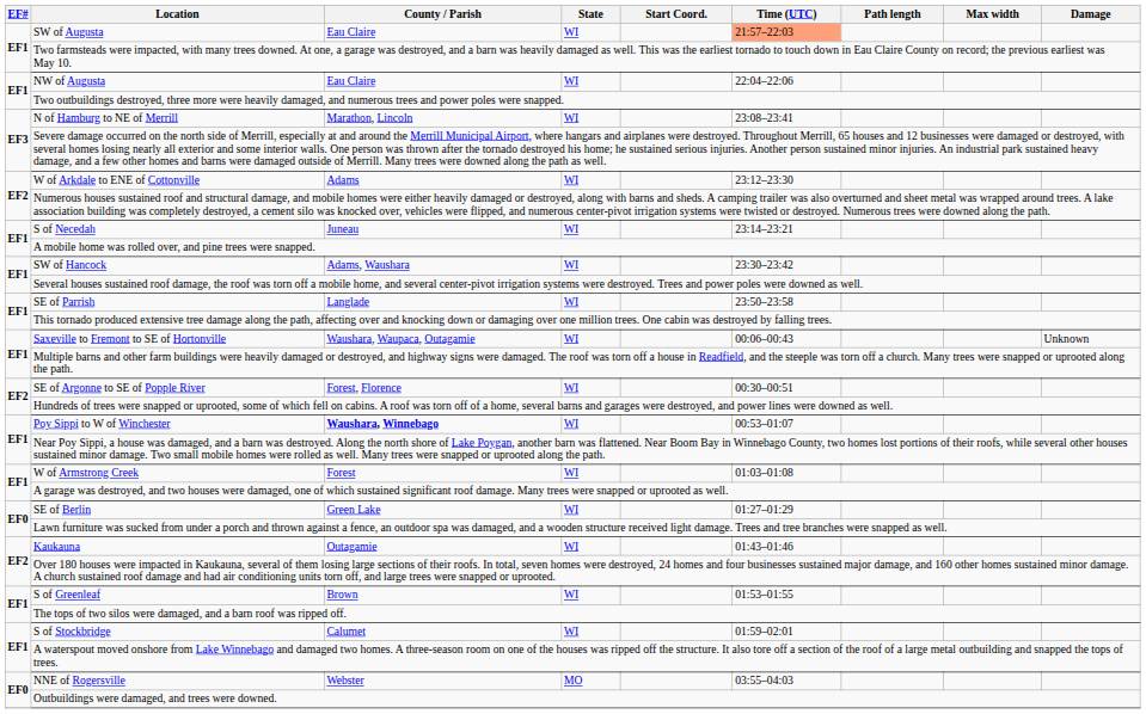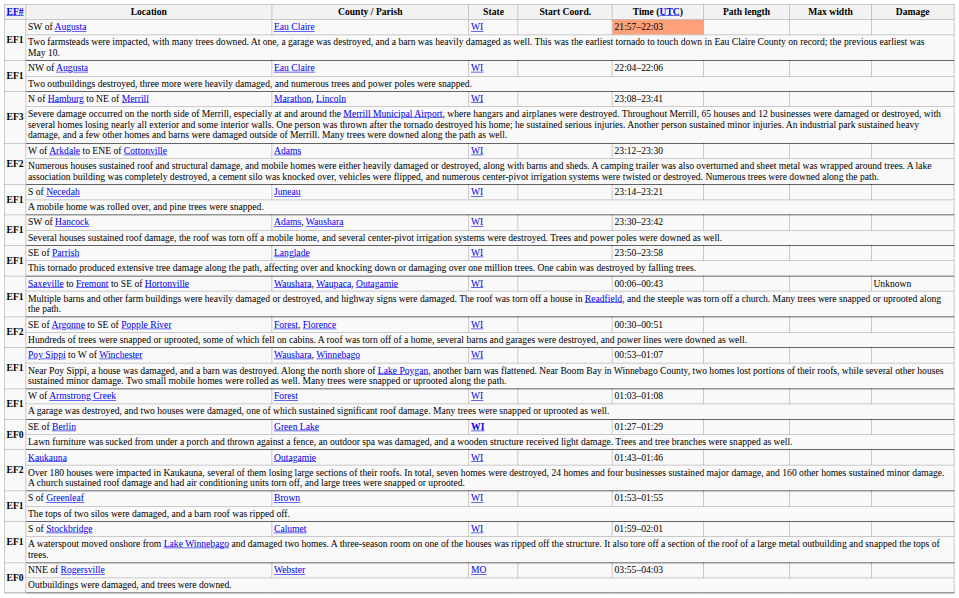 <table class="wikitable sortable" style="width:100%;">
 <tr>
 <th scope="col" width="2%" align="center"><a href='#'>EF#</a></th>
 <th scope="col" align="center" class="unsortable">Location</th>
 <th scope="col" align="center" class="unsortable">County / Parish</th>
 <th scope="col" align="center">State</th>
 <th scope="col" align="center" data-sort-type="number">Start Coord.</th>
 <th scope="col" align="center" data-sort-type="number">Time (<a href='#'>UTC</a>)</th>
 <th scope="col" align="center" data-sort-type="number">Path length</th>
 <th scope="col" align="center" data-sort-type="number">Max width</th>
 <th scope="col" align="center" data-sort-type="number">Damage<br></th>
 </tr>
 <tr>
 <td rowspan="2" align="center"><strong>EF1</strong></td>
 <td>SW of <a href='#'>Augusta</a></td>
 <td><a href='#'>Eau Claire</a></td>
 <td><a href='#'>WI</a></td>
 <td></td>
 <td style="background: lightsalmon;">21:57–22:03</td>
 <td></td>
 <td></td>
 <td></td>
 </tr>
 <tr class="expand-child">
 <td colspan="8" style=" border-bottom: 1px solid black;">Two farmsteads were impacted, with many trees downed. At one, a garage was destroyed, and a barn was heavily damaged as well. This was the earliest tornado to touch down in Eau Claire County on record; the previous earliest was May 10.</td>
 </tr>
 <tr>
 <td rowspan="2" align="center"><strong>EF1</strong></td>
 <td>NW of <a href='#'>Augusta</a></td>
 <td><a href='#'>Eau Claire</a></td>
 <td><a href='#'>WI</a></td>
 <td></td>
 <td>22:04–22:06</td>
 <td></td>
 <td></td>
 <td></td>
 </tr>
 <tr class="expand-child">
 <td colspan="8" style=" border-bottom: 1px solid black;">Two outbuildings destroyed, three more were heavily damaged, and numerous trees and power poles were snapped.</td>
 </tr>
 <tr>
 <td rowspan="2" align="center"><strong>EF3</strong></td>
 <td>N of <a href='#'>Hamburg</a> to NE of <a href='#'>Merrill</a></td>
 <td><a href='#'>Marathon</a>, <a href='#'>Lincoln</a></td>
 <td><a href='#'>WI</a></td>
 <td></td>
 <td>23:08–23:41</td>
 <td></td>
 <td></td>
 <td></td>
 </tr>
 <tr class="expand-child">
 <td colspan="8" style=" border-bottom: 1px solid black;">Severe damage occurred on the north side of Merrill, especially at and around the <a href='#'>Merrill Municipal Airport</a>, where hangars and airplanes were destroyed. Throughout Merrill, 65 houses and 12 businesses were damaged or destroyed, with several homes losing nearly all exterior and some interior walls. One person was thrown  after the tornado destroyed his home; he sustained serious injuries. Another person sustained minor injuries. An industrial park sustained heavy damage, and a few other homes and barns were damaged outside of Merrill. Many trees were downed along the path as well.</td>
 </tr>
 <tr>
 <td rowspan="2" align="center"><strong>EF2</strong></td>
 <td>W of <a href='#'>Arkdale</a> to ENE of <a href='#'>Cottonville</a></td>
 <td><a href='#'>Adams</a></td>
 <td><a href='#'>WI</a></td>
 <td></td>
 <td>23:12–23:30</td>
 <td></td>
 <td></td>
 <td></td>
 </tr>
 <tr class="expand-child">
 <td colspan="8" style=" border-bottom: 1px solid black;">Numerous houses sustained roof and structural damage, and mobile homes were either heavily damaged or destroyed, along with barns and sheds. A camping trailer was also overturned and sheet metal was wrapped around trees. A lake association building was completely destroyed, a cement silo was knocked over, vehicles were flipped, and numerous center-pivot irrigation systems were twisted or destroyed. Numerous trees were downed along the path.</td>
 </tr>
 <tr>
 <td rowspan="2" align="center"><strong>EF1</strong></td>
 <td>S of <a href='#'>Necedah</a></td>
 <td><a href='#'>Juneau</a></td>
 <td><a href='#'>WI</a></td>
 <td></td>
 <td>23:14–23:21</td>
 <td></td>
 <td></td>
 <td></td>
 </tr>
 <tr class="expand-child">
 <td colspan="8" style=" border-bottom: 1px solid black;">A mobile home was rolled over, and pine trees were snapped.</td>
 </tr>
 <tr>
 <td rowspan="2" align="center"><strong>EF1</strong></td>
 <td>SW of <a href='#'>Hancock</a></td>
 <td><a href='#'>Adams</a>, <a href='#'>Waushara</a></td>
 <td><a href='#'>WI</a></td>
 <td></td>
 <td>23:30–23:42</td>
 <td></td>
 <td></td>
 <td></td>
 </tr>
 <tr class="expand-child">
 <td colspan="8" style=" border-bottom: 1px solid black;">Several houses sustained roof damage, the roof was torn off a mobile home, and several center-pivot irrigation systems were destroyed. Trees and power poles were downed as well.</td>
 </tr>
 <tr>
 <td rowspan="2" align="center"><strong>EF1</strong></td>
 <td>SE of <a href='#'>Parrish</a></td>
 <td><a href='#'>Langlade</a></td>
 <td><a href='#'>WI</a></td>
 <td></td>
 <td>23:50–23:58</td>
 <td></td>
 <td></td>
 <td></td>
 </tr>
 <tr class="expand-child">
 <td colspan="8" style=" border-bottom: 1px solid black;">This tornado produced extensive tree damage along the path, affecting over  and knocking down or damaging over one million trees. One cabin was destroyed by falling trees.</td>
 </tr>
 <tr>
 <td rowspan="2" align="center"><strong>EF1</strong></td>
 <td><a href='#'>Saxeville</a> to <a href='#'>Fremont</a> to SE of <a href='#'>Hortonville</a></td>
 <td><a href='#'>Waushara</a>, <a href='#'>Waupaca</a>, <a href='#'>Outagamie</a></td>
 <td><a href='#'>WI</a></td>
 <td></td>
 <td>00:06–00:43</td>
 <td></td>
 <td></td>
 <td>Unknown</td>
 </tr>
 <tr class="expand-child">
 <td colspan="8" style=" border-bottom: 1px solid black;">Multiple barns and other farm buildings were heavily damaged or destroyed, and highway signs were damaged. The roof was torn off a house in <a href='#'>Readfield</a>, and the steeple was torn off a church. Many trees were snapped or uprooted along the path.</td>
 </tr>
 <tr>
 <td rowspan="2" align="center"><strong>EF2</strong></td>
 <td>SE of <a href='#'>Argonne</a> to SE of <a href='#'>Popple River</a></td>
 <td><a href='#'>Forest</a>, <a href='#'>Florence</a></td>
 <td><a href='#'>WI</a></td>
 <td></td>
 <td>00:30–00:51</td>
 <td></td>
 <td></td>
 <td></td>
 </tr>
 <tr class="expand-child">
 <td colspan="8" style=" border-bottom: 1px solid black;">Hundreds of trees were snapped or uprooted, some of which fell on cabins. A roof was torn off of a home, several barns and garages were destroyed, and power lines were downed as well.</td>
 </tr>
 <tr>
 <td rowspan="2" align="center"><strong>EF1</strong></td>
 <td><a href='#'>Poy Sippi</a> to W of <a href='#'>Winchester</a></td>
-<td><strong><a href='#'>Waushara</a>, <a href='#'>Winnebago</a></strong></td>
+<td><a href='#'>Waushara</a>, <a href='#'>Winnebago</a></td>
 <td><a href='#'>WI</a></td>
 <td></td>
 <td>00:53–01:07</td>
 <td></td>
 <td></td>
 <td></td>
 </tr>
 <tr class="expand-child">
 <td colspan="8" style=" border-bottom: 1px solid black;">Near Poy Sippi, a house was damaged, and a barn was destroyed. Along the north shore of <a href='#'>Lake Poygan</a>, another barn was flattened. Near Boom Bay in Winnebago County, two homes lost portions of their roofs, while several other houses sustained minor damage. Two small mobile homes were rolled as well. Many trees were snapped or uprooted along the path.</td>
 </tr>
 <tr>
 <td rowspan="2" align="center"><strong>EF1</strong></td>
 <td>W of <a href='#'>Armstrong Creek</a></td>
 <td><a href='#'>Forest</a></td>
 <td><a href='#'>WI</a></td>
 <td></td>
 <td>01:03–01:08</td>
 <td></td>
 <td></td>
 <td></td>
 </tr>
 <tr class="expand-child">
 <td colspan="8" style=" border-bottom: 1px solid black;">A garage was destroyed, and two houses were damaged, one of which sustained significant roof damage. Many trees were snapped or uprooted as well.</td>
 </tr>
 <tr>
 <td rowspan="2" align="center"><strong>EF0</strong></td>
 <td>SE of <a href='#'>Berlin</a></td>
 <td><a href='#'>Green Lake</a></td>
-<td><a href='#'>WI</a></td>
+<td><strong><a href='#'>WI</a></strong></td>
 <td></td>
 <td>01:27–01:29</td>
 <td></td>
 <td></td>
 <td></td>
 </tr>
 <tr class="expand-child">
 <td colspan="8" style=" border-bottom: 1px solid black;">Lawn furniture was sucked from under a porch and thrown against a fence, an outdoor spa was damaged, and a wooden structure received light damage. Trees and tree branches were snapped as well.</td>
 </tr>
 <tr>
 <td rowspan="2" align="center"><strong>EF2</strong></td>
 <td><a href='#'>Kaukauna</a></td>
 <td><a href='#'>Outagamie</a></td>
 <td><a href='#'>WI</a></td>
 <td></td>
 <td>01:43–01:46</td>
 <td></td>
 <td></td>
 <td></td>
 </tr>
 <tr class="expand-child">
 <td colspan="8" style=" border-bottom: 1px solid black;">Over 180 houses were impacted in Kaukauna, several of them losing large sections of their roofs. In total, seven homes were destroyed, 24 homes and four businesses sustained major damage, and 160 other homes sustained minor damage. A church sustained roof damage and had air conditioning units torn off, and large trees were snapped or uprooted.</td>
 </tr>
 <tr>
 <td rowspan="2" align="center"><strong>EF1</strong></td>
 <td>S of <a href='#'>Greenleaf</a></td>
 <td><a href='#'>Brown</a></td>
 <td><a href='#'>WI</a></td>
 <td></td>
 <td>01:53–01:55</td>
 <td></td>
 <td></td>
 <td></td>
 </tr>
 <tr class="expand-child">
 <td colspan="8" style=" border-bottom: 1px solid black;">The tops of two silos were damaged, and a barn roof was ripped off.</td>
 </tr>
 <tr>
 <td rowspan="2" align="center"><strong>EF1</strong></td>
 <td>S of <a href='#'>Stockbridge</a></td>
 <td><a href='#'>Calumet</a></td>
 <td><a href='#'>WI</a></td>
 <td></td>
 <td>01:59–02:01</td>
 <td></td>
 <td></td>
 <td></td>
 </tr>
 <tr class="expand-child">
 <td colspan="8" style=" border-bottom: 1px solid black;">A waterspout moved onshore from <a href='#'>Lake Winnebago</a> and damaged two homes. A three-season room on one of the houses was ripped off the structure. It also tore off a section of the roof of a large metal outbuilding and snapped the tops of trees.</td>
 </tr>
 <tr>
 <td rowspan="2" align="center"><strong>EF0</strong></td>
 <td>NNE of <a href='#'>Rogersville</a></td>
 <td><a href='#'>Webster</a></td>
 <td><a href='#'>MO</a></td>
 <td></td>
 <td>03:55–04:03</td>
 <td></td>
 <td></td>
 <td></td>
 </tr>
 <tr class="expand-child">
 <td colspan="8" style=" border-bottom: 1px solid black;">Outbuildings were damaged, and trees were downed.</td>
 </tr>
 <tr>
 </tr>
 </table>
